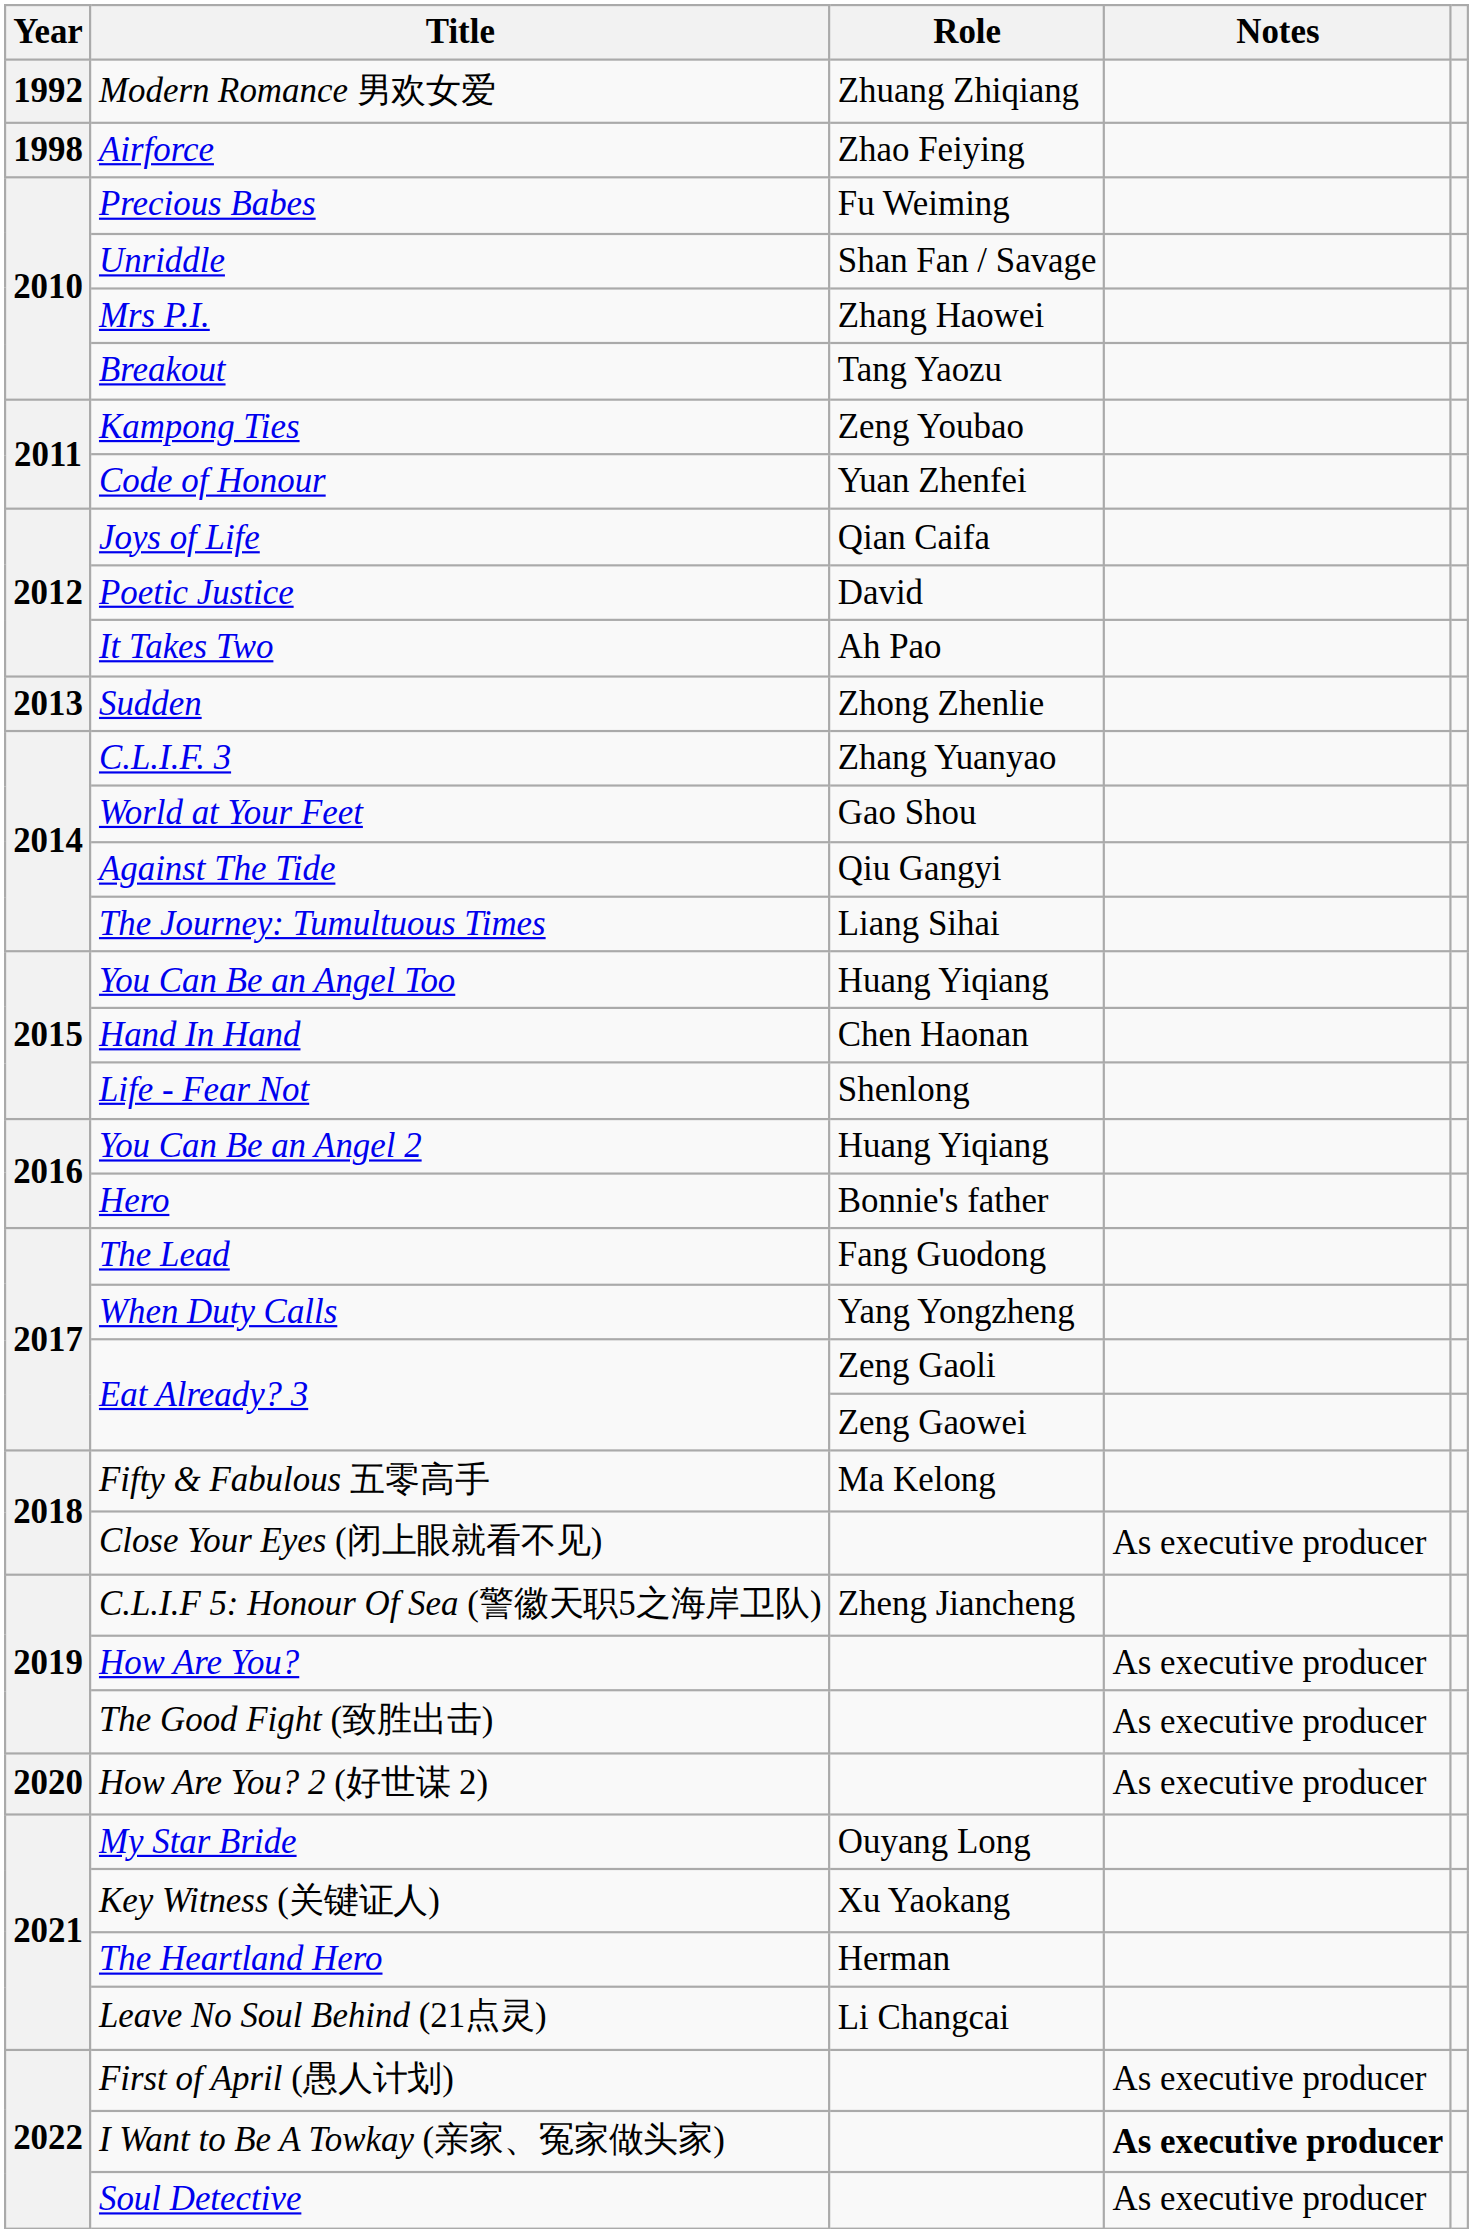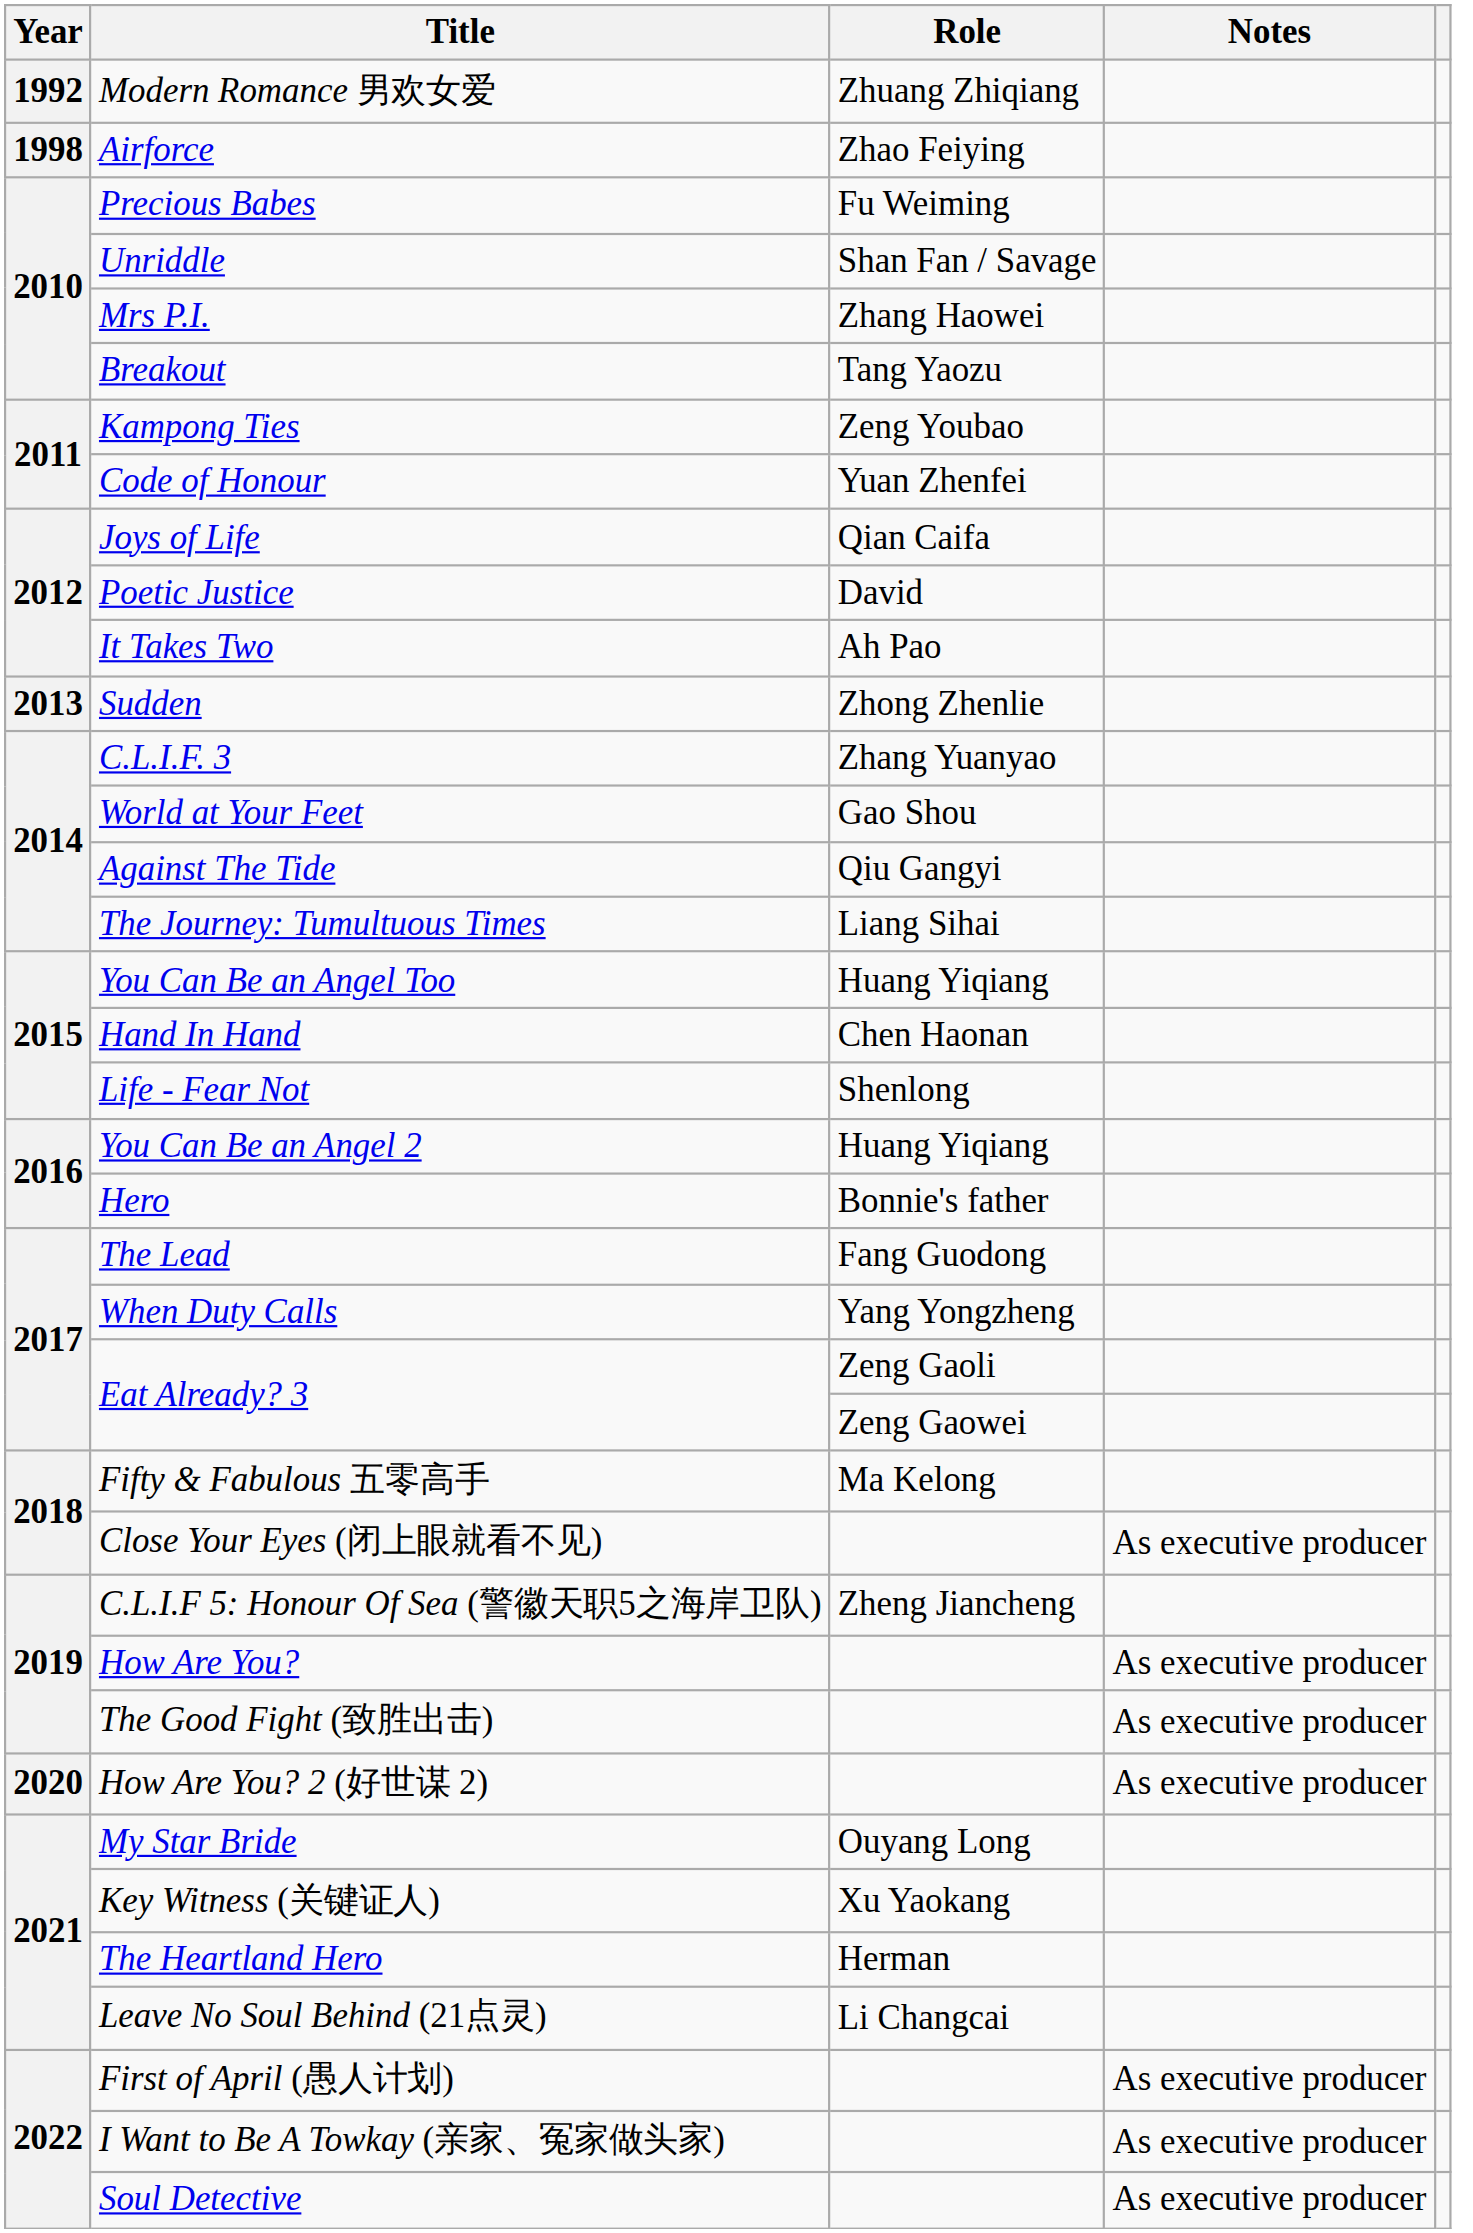 <table class="wikitable sortable plainrowheaders">
 <tr>
 <th scope="col">Year</th>
 <th scope="col">Title</th>
 <th scope="col">Role</th>
 <th scope="col" class="unsortable">Notes</th>
 <th scope="col" class="unsortable"></th>
 </tr>
 <tr>
 <th scope="row">1992</th>
 <td><em>Modern Romance</em> 男欢女爱</td>
 <td>Zhuang Zhiqiang</td>
 <td></td>
 <td></td>
 </tr>
 <tr>
 <th scope="row" rowspan="1">1998</th>
 <td><em><a href='#'>Airforce</a></em></td>
 <td>Zhao Feiying</td>
 <td></td>
 <td></td>
 </tr>
 <tr>
 <th scope="row" rowspan="4">2010</th>
 <td><em><a href='#'>Precious Babes</a></em></td>
 <td>Fu Weiming</td>
 <td></td>
 <td></td>
 </tr>
 <tr>
 <td><em><a href='#'>Unriddle</a></em></td>
 <td>Shan Fan / Savage</td>
 <td></td>
 <td></td>
 </tr>
 <tr>
 <td><em><a href='#'>Mrs P.I.</a></em></td>
 <td>Zhang Haowei</td>
 <td></td>
 <td></td>
 </tr>
 <tr>
 <td><em><a href='#'>Breakout</a></em></td>
 <td>Tang Yaozu</td>
 <td></td>
 <td></td>
 </tr>
 <tr>
 <th scope="row" rowspan="2">2011</th>
 <td><em><a href='#'>Kampong Ties</a></em></td>
 <td>Zeng Youbao</td>
 <td></td>
 <td></td>
 </tr>
 <tr>
 <td><em><a href='#'>Code of Honour</a></em></td>
 <td>Yuan Zhenfei</td>
 <td></td>
 <td></td>
 </tr>
 <tr>
 <th scope="row" rowspan="3">2012</th>
 <td><em><a href='#'>Joys of Life</a></em></td>
 <td>Qian Caifa</td>
 <td></td>
 <td></td>
 </tr>
 <tr>
 <td><em><a href='#'>Poetic Justice</a></em></td>
 <td>David</td>
 <td></td>
 <td></td>
 </tr>
 <tr>
 <td><em><a href='#'>It Takes Two</a></em></td>
 <td>Ah Pao</td>
 <td></td>
 <td></td>
 </tr>
 <tr>
 <th scope="row" rowspan="1">2013</th>
 <td><em><a href='#'>Sudden</a></em></td>
 <td>Zhong Zhenlie</td>
 <td></td>
 <td></td>
 </tr>
 <tr>
 <th scope="row" rowspan="4">2014</th>
 <td><em><a href='#'>C.L.I.F. 3</a></em></td>
 <td>Zhang Yuanyao</td>
 <td></td>
 <td></td>
 </tr>
 <tr>
 <td><em><a href='#'>World at Your Feet</a></em></td>
 <td>Gao Shou</td>
 <td></td>
 <td></td>
 </tr>
 <tr>
 <td><em><a href='#'>Against The Tide</a></em></td>
 <td>Qiu Gangyi</td>
 <td></td>
 <td></td>
 </tr>
 <tr>
 <td><em><a href='#'>The Journey: Tumultuous Times</a></em></td>
 <td>Liang Sihai</td>
 <td></td>
 <td></td>
 </tr>
 <tr>
 <th scope="row" rowspan="3">2015</th>
 <td><em><a href='#'>You Can Be an Angel Too</a></em></td>
 <td>Huang Yiqiang</td>
 <td></td>
 <td></td>
 </tr>
 <tr>
 <td><em><a href='#'>Hand In Hand</a></em></td>
 <td>Chen Haonan</td>
 <td></td>
 <td></td>
 </tr>
 <tr>
 <td><em><a href='#'>Life - Fear Not</a></em></td>
 <td>Shenlong</td>
 <td></td>
 <td></td>
 </tr>
 <tr>
 <th scope="row" rowspan="2">2016</th>
 <td><em><a href='#'>You Can Be an Angel 2</a></em></td>
 <td>Huang Yiqiang</td>
 <td></td>
 <td></td>
 </tr>
 <tr>
 <td><em><a href='#'>Hero</a></em></td>
 <td>Bonnie's father</td>
 <td></td>
 <td></td>
 </tr>
 <tr>
 <th scope="row" rowspan="4">2017</th>
 <td><em><a href='#'>The Lead</a></em></td>
 <td>Fang Guodong</td>
 <td></td>
 <td></td>
 </tr>
 <tr>
 <td><em> <a href='#'>When Duty Calls</a></em></td>
 <td>Yang Yongzheng</td>
 <td></td>
 <td></td>
 </tr>
 <tr>
 <td rowspan="2"><em><a href='#'>Eat Already? 3</a></em></td>
 <td>Zeng Gaoli</td>
 <td></td>
 <td></td>
 </tr>
 <tr>
 <td>Zeng Gaowei</td>
 <td></td>
 <td></td>
 </tr>
 <tr>
 <th scope="row" rowspan="2">2018</th>
 <td><em>Fifty & Fabulous</em> 五零高手</td>
 <td>Ma Kelong</td>
 <td></td>
 <td></td>
 </tr>
 <tr>
 <td><em>Close Your Eyes</em> (闭上眼就看不见)</td>
 <td></td>
 <td>As executive producer</td>
 <td></td>
 </tr>
 <tr>
 <th scope="row" rowspan="3">2019</th>
 <td><em>C.L.I.F 5: Honour Of Sea</em> (警徽天职5之海岸卫队)</td>
 <td>Zheng Jiancheng</td>
 <td></td>
 <td></td>
 </tr>
 <tr>
 <td><em><a href='#'>How Are You?</a></em></td>
 <td></td>
 <td>As executive producer</td>
 <td></td>
 </tr>
 <tr>
 <td><em>The Good Fight</em> (致胜出击)</td>
 <td></td>
 <td>As executive producer</td>
 <td></td>
 </tr>
 <tr>
 <th scope="row">2020</th>
 <td><em>How Are You? 2</em> (好世谋 2)</td>
 <td></td>
 <td>As executive producer</td>
 <td></td>
 </tr>
 <tr>
 <th scope="row" rowspan="4">2021</th>
 <td><em><a href='#'>My Star Bride</a></em></td>
 <td>Ouyang Long</td>
 <td></td>
 <td></td>
 </tr>
 <tr>
 <td><em>Key Witness</em> (关键证人)</td>
 <td>Xu Yaokang</td>
 <td></td>
 <td></td>
 </tr>
 <tr>
 <td><em><a href='#'>The Heartland Hero</a></em></td>
 <td>Herman</td>
 <td></td>
 <td></td>
 </tr>
 <tr>
 <td><em>Leave No Soul Behind</em> (21点灵)</td>
 <td>Li Changcai</td>
 <td></td>
 <td></td>
 </tr>
 <tr>
 <th scope="row" rowspan="3">2022</th>
 <td><em>First of April</em> (愚人计划)</td>
 <td></td>
 <td>As executive producer</td>
 <td></td>
 </tr>
 <tr>
 <td><em>I Want to Be A Towkay</em> (亲家、冤家做头家)</td>
 <td></td>
-<td><strong>As executive producer</strong></td>
+<td>As executive producer</td>
 <td></td>
 </tr>
 <tr>
 <td><em><a href='#'>Soul Detective</a></em></td>
 <td></td>
 <td>As executive producer</td>
 <td></td>
 </tr>
 </table>
